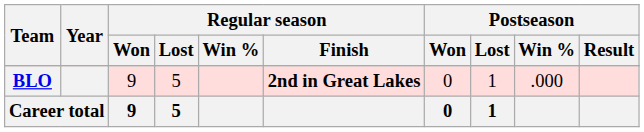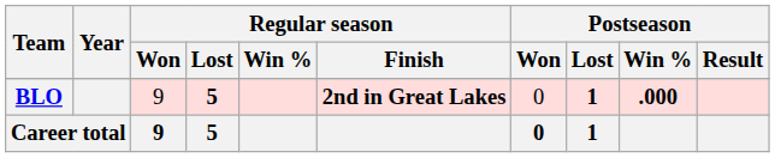 <table class="wikitable" style="font-size: 95%; text-align:center;">
 <tr>
 <th rowspan="2">Team</th>
 <th rowspan="2">Year</th>
 <th colspan="4">Regular season</th>
 <th colspan="4">Postseason</th>
 </tr>
 <tr>
 <th>Won</th>
 <th>Lost</th>
 <th>Win %</th>
 <th>Finish</th>
 <th>Won</th>
 <th>Lost</th>
 <th>Win %</th>
 <th>Result</th>
 </tr>
 <tr>
 </tr>
 <tr ! style="background:#fdd;">
 <th><a href='#'>BLO</a></th>
 <th></th>
 <td>9</td>
-<td>5</td>
+<td><strong>5</strong></td>
 <td></td>
 <td><strong>2nd in Great Lakes</strong></td>
 <td>0</td>
-<td>1</td>
-<td>.000</td>
+<td><strong>1</strong></td>
+<td><strong>.000</strong></td>
 <td><strong></strong></td>
 </tr>
 <tr>
 <th colspan="2">Career total</th>
 <th>9</th>
 <th>5</th>
 <th></th>
 <th></th>
 <th>0</th>
 <th>1</th>
 <th></th>
 <th></th>
 </tr>
 </table>
